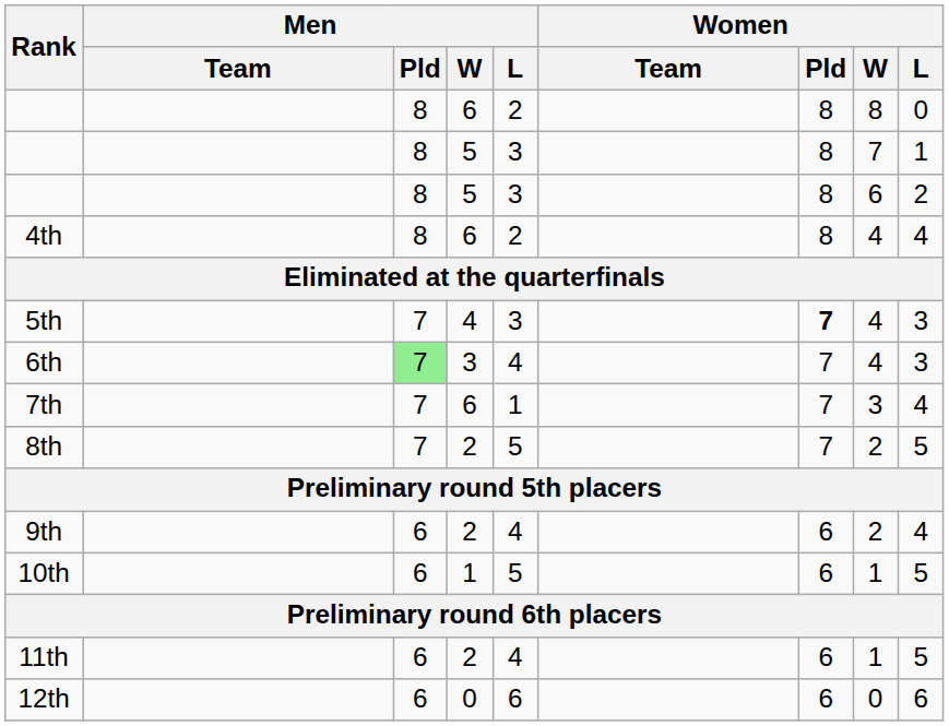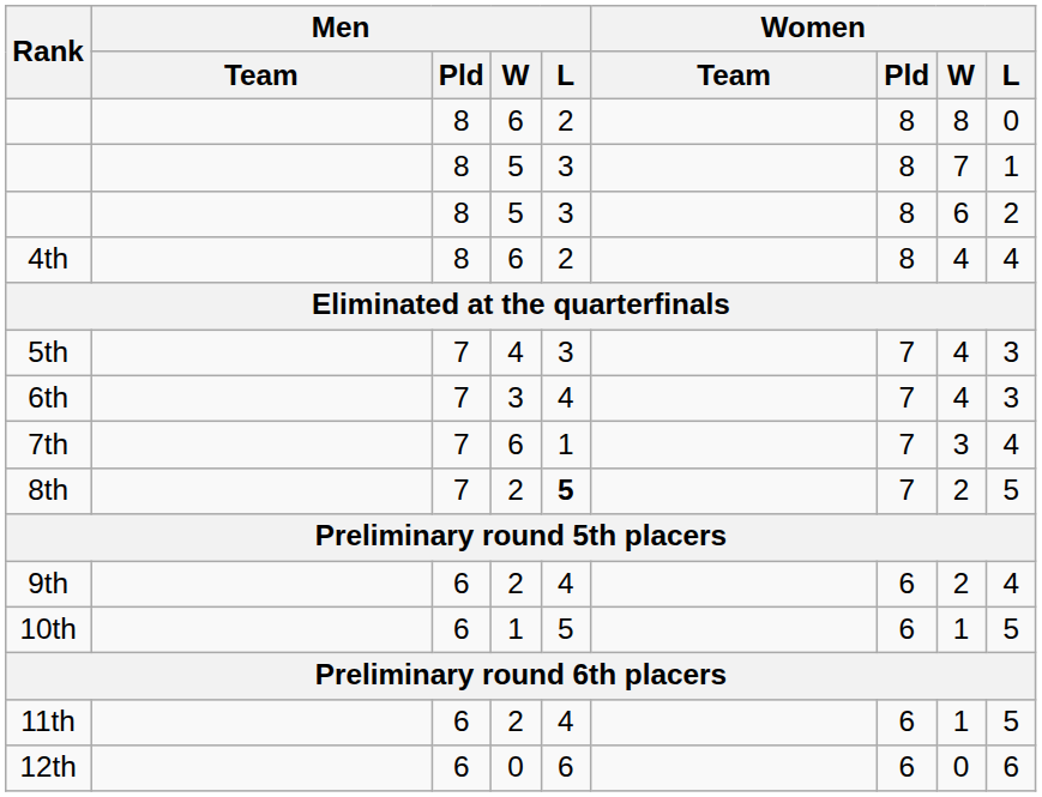 <table class=wikitable>
 <tr>
 <th rowspan=2>Rank</th>
 <th colspan=4>Men</th>
 <th colspan=4>Women</th>
 </tr>
 <tr>
 <th width=180px>Team</th>
 <th width=20px>Pld</th>
 <th width=20px>W</th>
 <th width=20px>L</th>
 <th width=150px>Team</th>
 <th width=20px>Pld</th>
 <th width=20px>W</th>
 <th width=20px>L</th>
 </tr>
 <tr align=center>
 <td></td>
 <td align=left></td>
 <td>8</td>
 <td>6</td>
 <td>2</td>
 <td align=left></td>
 <td>8</td>
 <td>8</td>
 <td>0</td>
 </tr>
 <tr align=center>
 <td></td>
 <td align=left></td>
 <td>8</td>
 <td>5</td>
 <td>3</td>
 <td align=left></td>
 <td>8</td>
 <td>7</td>
 <td>1</td>
 </tr>
 <tr align=center>
 <td></td>
 <td align=left></td>
 <td>8</td>
 <td>5</td>
 <td>3</td>
 <td align=left></td>
 <td>8</td>
 <td>6</td>
 <td>2</td>
 </tr>
 <tr align=center>
 <td>4th</td>
 <td align=left></td>
 <td>8</td>
 <td>6</td>
 <td>2</td>
 <td align=left></td>
 <td>8</td>
 <td>4</td>
 <td>4</td>
 </tr>
 <tr>
 <th colspan=9>Eliminated at the quarterfinals</th>
 </tr>
 <tr align=center>
 <td>5th</td>
 <td align=left></td>
 <td>7</td>
 <td>4</td>
 <td>3</td>
 <td align=left></td>
-<td><strong>7</strong></td>
+<td>7</td>
 <td>4</td>
 <td>3</td>
 </tr>
 <tr align=center>
 <td>6th</td>
 <td align=left></td>
-<td style="background: lightgreen;">7</td>
+<td>7</td>
 <td>3</td>
 <td>4</td>
 <td align=left></td>
 <td>7</td>
 <td>4</td>
 <td>3</td>
 </tr>
 <tr align=center>
 <td>7th</td>
 <td align=left></td>
 <td>7</td>
 <td>6</td>
 <td>1</td>
 <td align=left></td>
 <td>7</td>
 <td>3</td>
 <td>4</td>
 </tr>
 <tr align=center>
 <td>8th</td>
 <td align=left></td>
 <td>7</td>
 <td>2</td>
-<td>5</td>
+<td><strong>5</strong></td>
 <td align=left></td>
 <td>7</td>
 <td>2</td>
 <td>5</td>
 </tr>
 <tr>
 <th colspan=9>Preliminary round 5th placers</th>
 </tr>
 <tr align=center>
 <td>9th</td>
 <td align=left></td>
 <td>6</td>
 <td>2</td>
 <td>4</td>
 <td align=left></td>
 <td>6</td>
 <td>2</td>
 <td>4</td>
 </tr>
 <tr align=center>
 <td>10th</td>
 <td align=left></td>
 <td>6</td>
 <td>1</td>
 <td>5</td>
 <td align=left></td>
 <td>6</td>
 <td>1</td>
 <td>5</td>
 </tr>
 <tr>
 <th colspan=9>Preliminary round 6th placers</th>
 </tr>
 <tr align=center>
 <td>11th</td>
 <td align=left></td>
 <td>6</td>
 <td>2</td>
 <td>4</td>
 <td align=left></td>
 <td>6</td>
 <td>1</td>
 <td>5</td>
 </tr>
 <tr align=center>
 <td>12th</td>
 <td align=left></td>
 <td>6</td>
 <td>0</td>
 <td>6</td>
 <td align=left></td>
 <td>6</td>
 <td>0</td>
 <td>6</td>
 </tr>
 </table>
